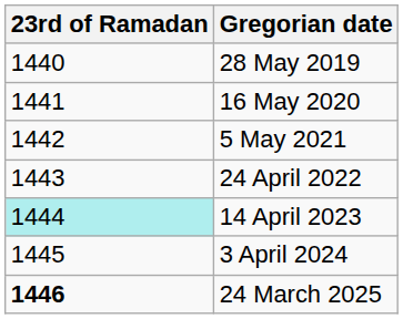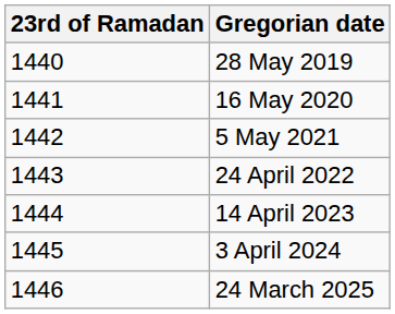 <table class="wikitable">
 <tr>
 <th>23rd of Ramadan</th>
 <th>Gregorian date</th>
 </tr>
 <tr>
 <td>1440</td>
 <td>28 May 2019</td>
 </tr>
 <tr>
 <td>1441</td>
 <td>16 May 2020</td>
 </tr>
 <tr>
 <td>1442</td>
 <td>5 May 2021</td>
 </tr>
 <tr>
 <td>1443</td>
 <td>24 April 2022</td>
 </tr>
 <tr>
-<td style="background: paleturquoise;">1444</td>
+<td>1444</td>
 <td>14 April 2023</td>
 </tr>
 <tr>
 <td>1445</td>
 <td>3 April 2024</td>
 </tr>
 <tr>
-<td><strong>1446</strong></td>
+<td>1446</td>
 <td>24 March 2025</td>
 </tr>
 </table>
